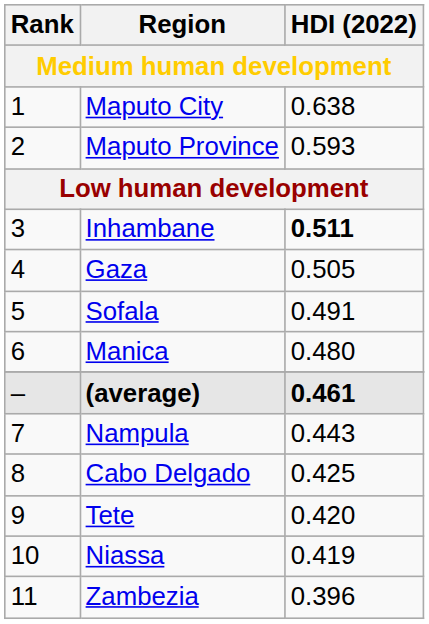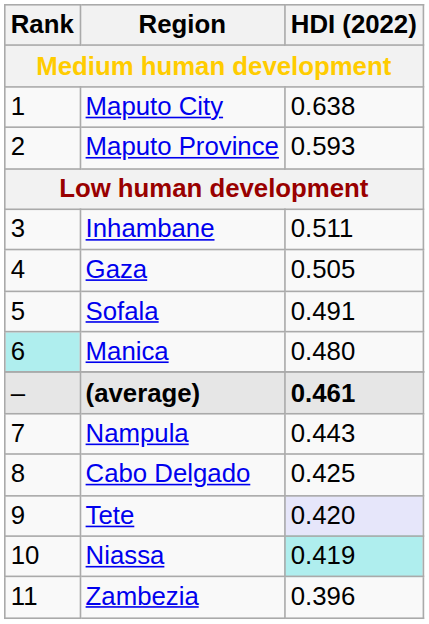 <table class="wikitable sortable">
 <tr>
 <th>Rank</th>
 <th>Region</th>
 <th>HDI (2022)</th>
 </tr>
 <tr>
 <th style="color:#fc0;" colspan="3">Medium human development</th>
 </tr>
 <tr>
 <td>1</td>
 <td><a href='#'>Maputo City</a></td>
 <td>0.638</td>
 </tr>
 <tr>
 <td>2</td>
 <td><a href='#'>Maputo Province</a></td>
 <td>0.593</td>
 </tr>
 <tr>
 <th style="color:#900;" colspan="3">Low human development</th>
 </tr>
 <tr>
 <td>3</td>
 <td><a href='#'>Inhambane</a></td>
-<td><strong>0.511</strong></td>
+<td>0.511</td>
 </tr>
 <tr>
 <td>4</td>
 <td><a href='#'>Gaza</a></td>
 <td>0.505</td>
 </tr>
 <tr>
 <td>5</td>
 <td><a href='#'>Sofala</a></td>
 <td>0.491</td>
 </tr>
 <tr>
-<td>6</td>
+<td style="background: paleturquoise;">6</td>
 <td><a href='#'>Manica</a></td>
 <td>0.480</td>
 </tr>
 <tr>
 </tr>
 <tr style="background:#e6e6e6">
 <td>–</td>
 <td><strong> (average)</strong></td>
 <td><strong>0.461</strong></td>
 </tr>
 <tr>
 <td>7</td>
 <td><a href='#'>Nampula</a></td>
 <td>0.443</td>
 </tr>
 <tr>
 <td>8</td>
 <td><a href='#'>Cabo Delgado</a></td>
 <td>0.425</td>
 </tr>
 <tr>
 <td>9</td>
 <td><a href='#'>Tete</a></td>
-<td>0.420</td>
+<td style="background: lavender;">0.420</td>
 </tr>
 <tr>
 <td>10</td>
 <td><a href='#'>Niassa</a></td>
-<td>0.419</td>
+<td style="background: paleturquoise;">0.419</td>
 </tr>
 <tr>
 <td>11</td>
 <td><a href='#'>Zambezia</a></td>
 <td>0.396</td>
 </tr>
 </table>
